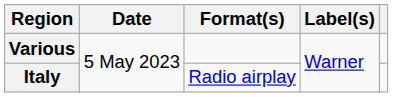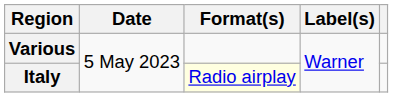 <table class="wikitable plainrowheaders">
 <tr>
 <th scope="col">Region</th>
 <th scope="col">Date</th>
 <th scope="col">Format(s)</th>
 <th scope="col">Label(s)</th>
 <th scope="col"></th>
 </tr>
 <tr>
 <th scope="row">Various</th>
 <td rowspan="2">5 May 2023</td>
 <td></td>
 <td rowspan="2"><a href='#'>Warner</a></td>
 <td></td>
 </tr>
 <tr>
 <th scope="row">Italy</th>
-<td><a href='#'>Radio airplay</a></td>
+<td style="background: lightyellow;"><a href='#'>Radio airplay</a></td>
 <td></td>
 </tr>
 </table>
